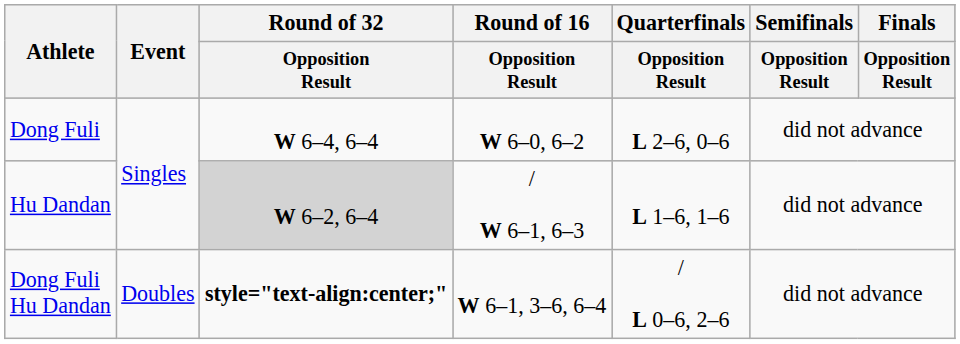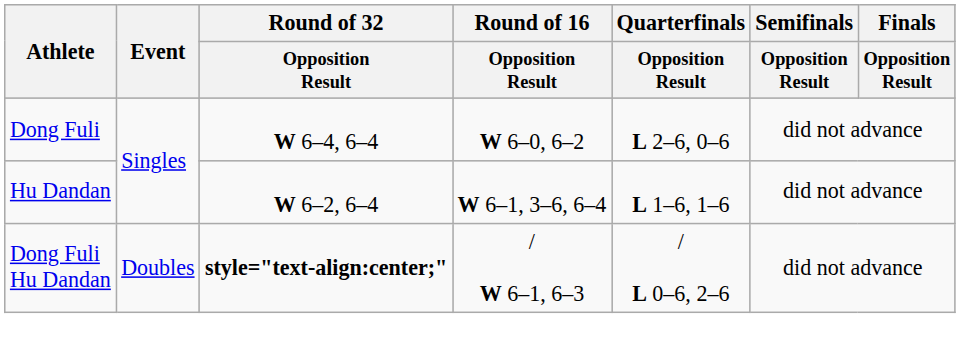 <table class=wikitable style="font-size:90%">
 <tr>
 <th rowspan="2">Athlete</th>
 <th rowspan="2">Event</th>
 <th>Round of 32</th>
 <th>Round of 16</th>
 <th>Quarterfinals</th>
 <th>Semifinals</th>
 <th>Finals</th>
 </tr>
 <tr>
 <th style="line-height:1em"><small>Opposition<br>Result</small></th>
 <th style="line-height:1em"><small>Opposition<br>Result</small></th>
 <th style="line-height:1em"><small>Opposition<br>Result</small></th>
 <th style="line-height:1em"><small>Opposition<br>Result</small></th>
 <th style="line-height:1em"><small>Opposition<br>Result</small></th>
 </tr>
 <tr>
 <td><a href='#'>Dong Fuli</a></td>
 <td rowspan="2"><a href='#'>Singles</a></td>
 <td style="text-align:center;"><br><strong>W</strong> 6–4, 6–4</td>
 <td style="text-align:center;"><br><strong>W</strong> 6–0, 6–2</td>
 <td style="text-align:center;"><br><strong>L</strong> 2–6, 0–6</td>
 <td style="text-align:center;" colspan="2">did not advance</td>
 </tr>
 <tr>
 <td><a href='#'>Hu Dandan</a></td>
-<td style="background: lightgrey; text-align:center;"><br><strong>W</strong> 6–2, 6–4</td>
-<td style="text-align:center;"> /<br> <br><strong>W</strong> 6–1, 6–3</td>
+<td style="text-align:center;"><br><strong>W</strong> 6–2, 6–4</td>
+<td style="text-align:center;"><br><strong>W</strong> 6–1, 3–6, 6–4</td>
 <td style="text-align:center;"><br><strong>L</strong> 1–6, 1–6</td>
 <td style="text-align:center;" colspan="2">did not advance</td>
 </tr>
 <tr>
 <td><a href='#'>Dong Fuli</a><br> <a href='#'>Hu Dandan</a></td>
 <td><a href='#'>Doubles</a></td>
 <td><strong>style="text-align:center;" </strong></td>
-<td style="text-align:center;"><br><strong>W</strong> 6–1, 3–6, 6–4</td>
+<td style="text-align:center;"> /<br> <br><strong>W</strong> 6–1, 6–3</td>
 <td style="text-align:center;"> /<br> <br><strong>L</strong> 0–6, 2–6</td>
 <td style="text-align:center;" colspan="2">did not advance</td>
 </tr>
 </table>
